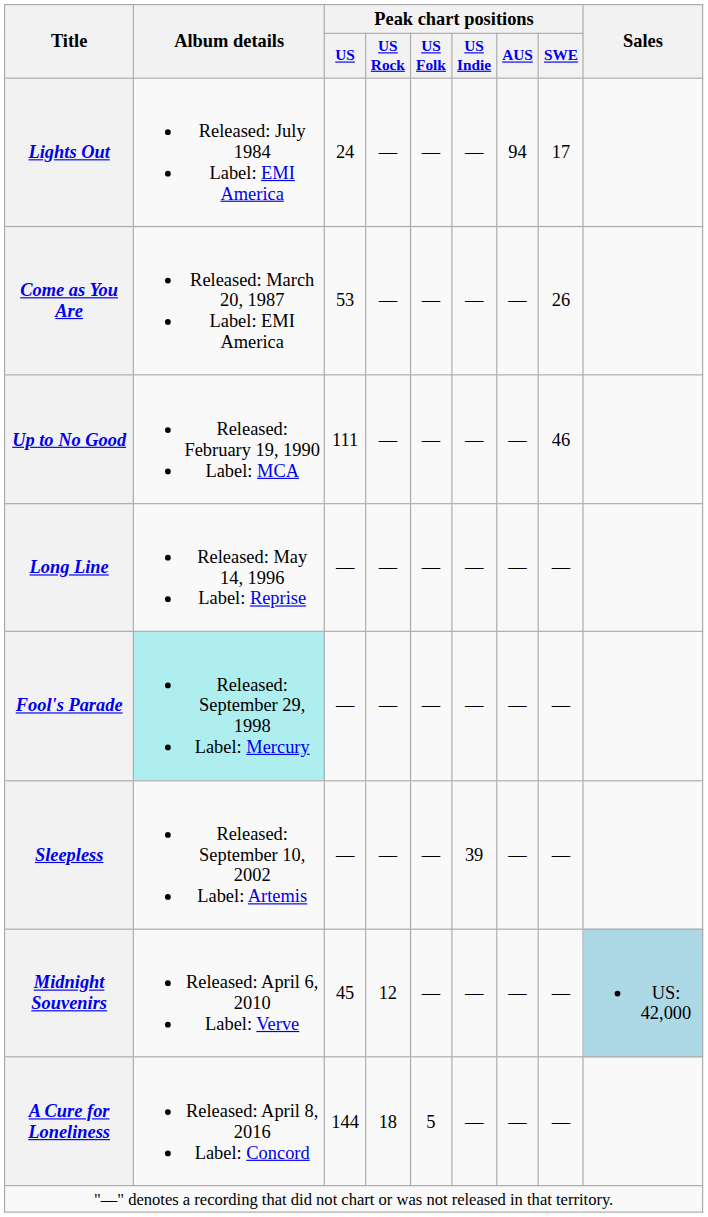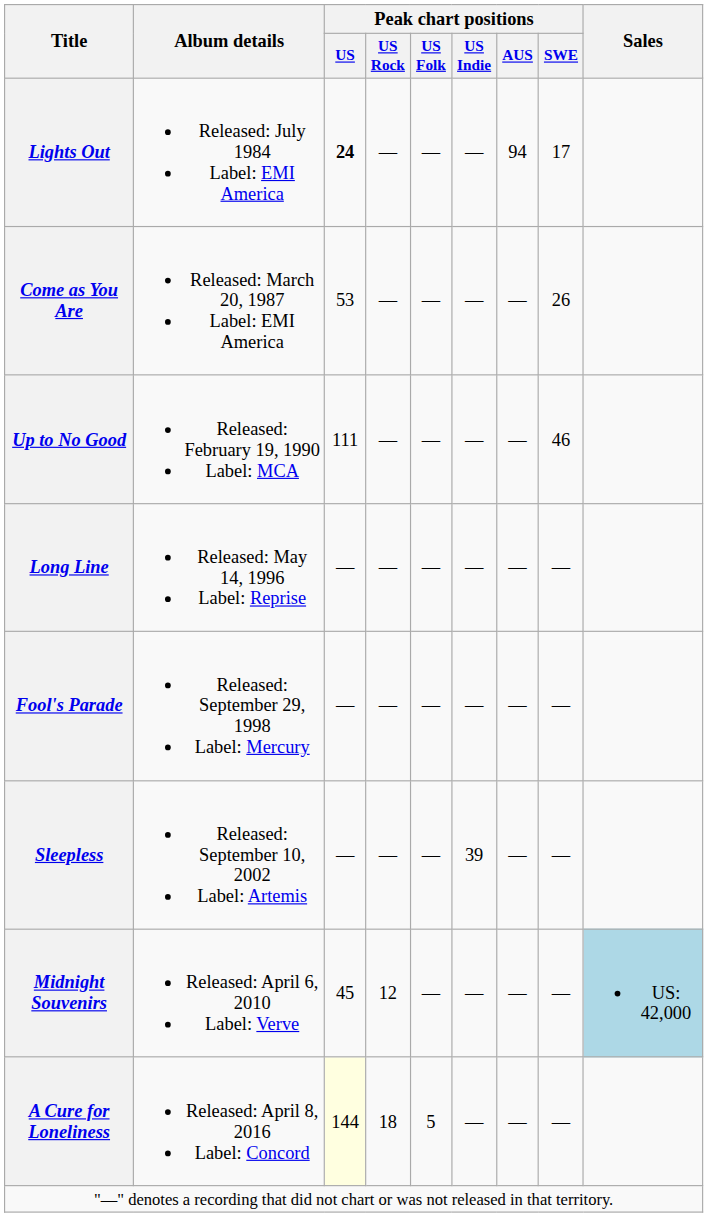 <table class="wikitable plainrowheaders" style="text-align:center;">
 <tr>
 <th scope="col" rowspan="2" style="width:12em;">Title</th>
 <th scope="col" rowspan="2" style="width:18em;">Album details</th>
 <th scope="col" colspan="6">Peak chart positions</th>
 <th scope="col" rowspan="2" style="width:8em;">Sales</th>
 </tr>
 <tr style="font-size:smaller;">
 <th scope="col" style="width:3em;"><a href='#'>US</a><br></th>
 <th scope="col" style="width:3em;"><a href='#'>US<br>Rock</a><br></th>
 <th scope="col" style="width:3em;"><a href='#'>US<br>Folk</a><br></th>
 <th scope="col" style="width:3em;"><a href='#'>US<br>Indie</a><br></th>
 <th scope="col" style="width:3em;"><a href='#'>AUS</a><br></th>
 <th scope="col" style="width:3em;"><a href='#'>SWE</a><br></th>
 </tr>
 <tr>
 <th scope="row"><em><a href='#'>Lights Out</a></em></th>
 <td><br><ul><li>Released: July 1984</li><li>Label: <a href='#'>EMI America</a></li></ul></td>
-<td>24</td>
+<td><strong>24</strong></td>
 <td>—</td>
 <td>—</td>
 <td>—</td>
 <td>94</td>
 <td>17</td>
 <td></td>
 </tr>
 <tr>
 <th scope="row"><em><a href='#'>Come as You Are</a></em></th>
 <td><br><ul><li>Released: March 20, 1987</li><li>Label: EMI America</li></ul></td>
 <td>53</td>
 <td>—</td>
 <td>—</td>
 <td>—</td>
 <td>—</td>
 <td>26</td>
 <td></td>
 </tr>
 <tr>
 <th scope="row"><em><a href='#'>Up to No Good</a></em></th>
 <td><br><ul><li>Released: February 19, 1990</li><li>Label: <a href='#'>MCA</a></li></ul></td>
 <td>111</td>
 <td>—</td>
 <td>—</td>
 <td>—</td>
 <td>—</td>
 <td>46</td>
 <td></td>
 </tr>
 <tr>
 <th scope="row"><em><a href='#'>Long Line</a></em></th>
 <td><br><ul><li>Released: May 14, 1996</li><li>Label: <a href='#'>Reprise</a></li></ul></td>
 <td>—</td>
 <td>—</td>
 <td>—</td>
 <td>—</td>
 <td>—</td>
 <td>—</td>
 <td></td>
 </tr>
 <tr>
 <th scope="row"><em><a href='#'>Fool's Parade</a></em></th>
-<td style="background: paleturquoise;"><br><ul><li>Released: September 29, 1998</li><li>Label: <a href='#'>Mercury</a></li></ul></td>
+<td><br><ul><li>Released: September 29, 1998</li><li>Label: <a href='#'>Mercury</a></li></ul></td>
 <td>—</td>
 <td>—</td>
 <td>—</td>
 <td>—</td>
 <td>—</td>
 <td>—</td>
 <td></td>
 </tr>
 <tr>
 <th scope="row"><em><a href='#'>Sleepless</a></em></th>
 <td><br><ul><li>Released: September 10, 2002</li><li>Label: <a href='#'>Artemis</a></li></ul></td>
 <td>—</td>
 <td>—</td>
 <td>—</td>
 <td>39</td>
 <td>—</td>
 <td>—</td>
 <td></td>
 </tr>
 <tr>
 <th scope="row"><em><a href='#'>Midnight Souvenirs</a></em></th>
 <td><br><ul><li>Released: April 6, 2010</li><li>Label: <a href='#'>Verve</a></li></ul></td>
 <td>45</td>
 <td>12</td>
 <td>—</td>
 <td>—</td>
 <td>—</td>
 <td>—</td>
 <td style="background: lightblue;"><br><ul><li>US: 42,000</li></ul></td>
 </tr>
 <tr>
 <th scope="row"><em><a href='#'>A Cure for Loneliness</a></em></th>
 <td><br><ul><li>Released: April 8, 2016</li><li>Label: <a href='#'>Concord</a></li></ul></td>
-<td>144</td>
+<td style="background: lightyellow;">144</td>
 <td>18</td>
 <td>5</td>
 <td>—</td>
 <td>—</td>
 <td>—</td>
 <td></td>
 </tr>
 <tr>
 <td colspan="14" style="font-size:90%">"—" denotes a recording that did not chart or was not released in that territory.</td>
 </tr>
 </table>
